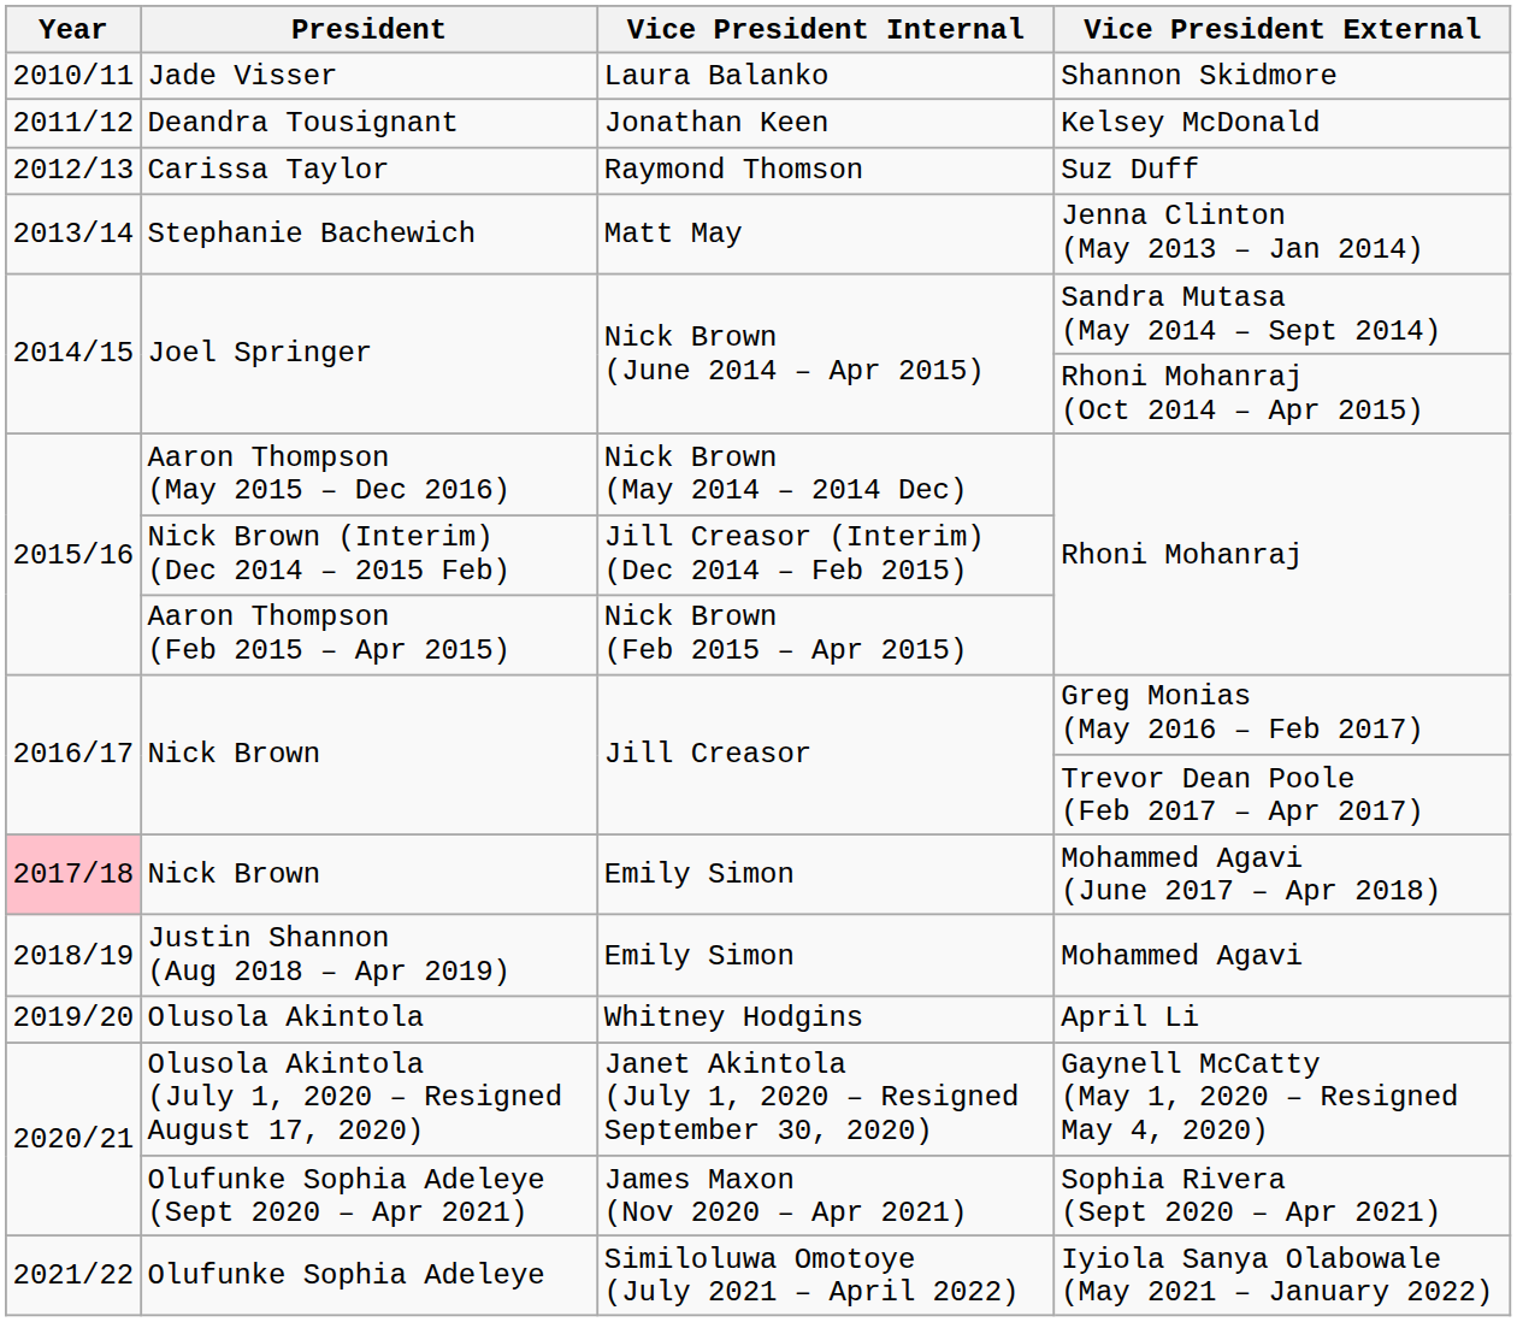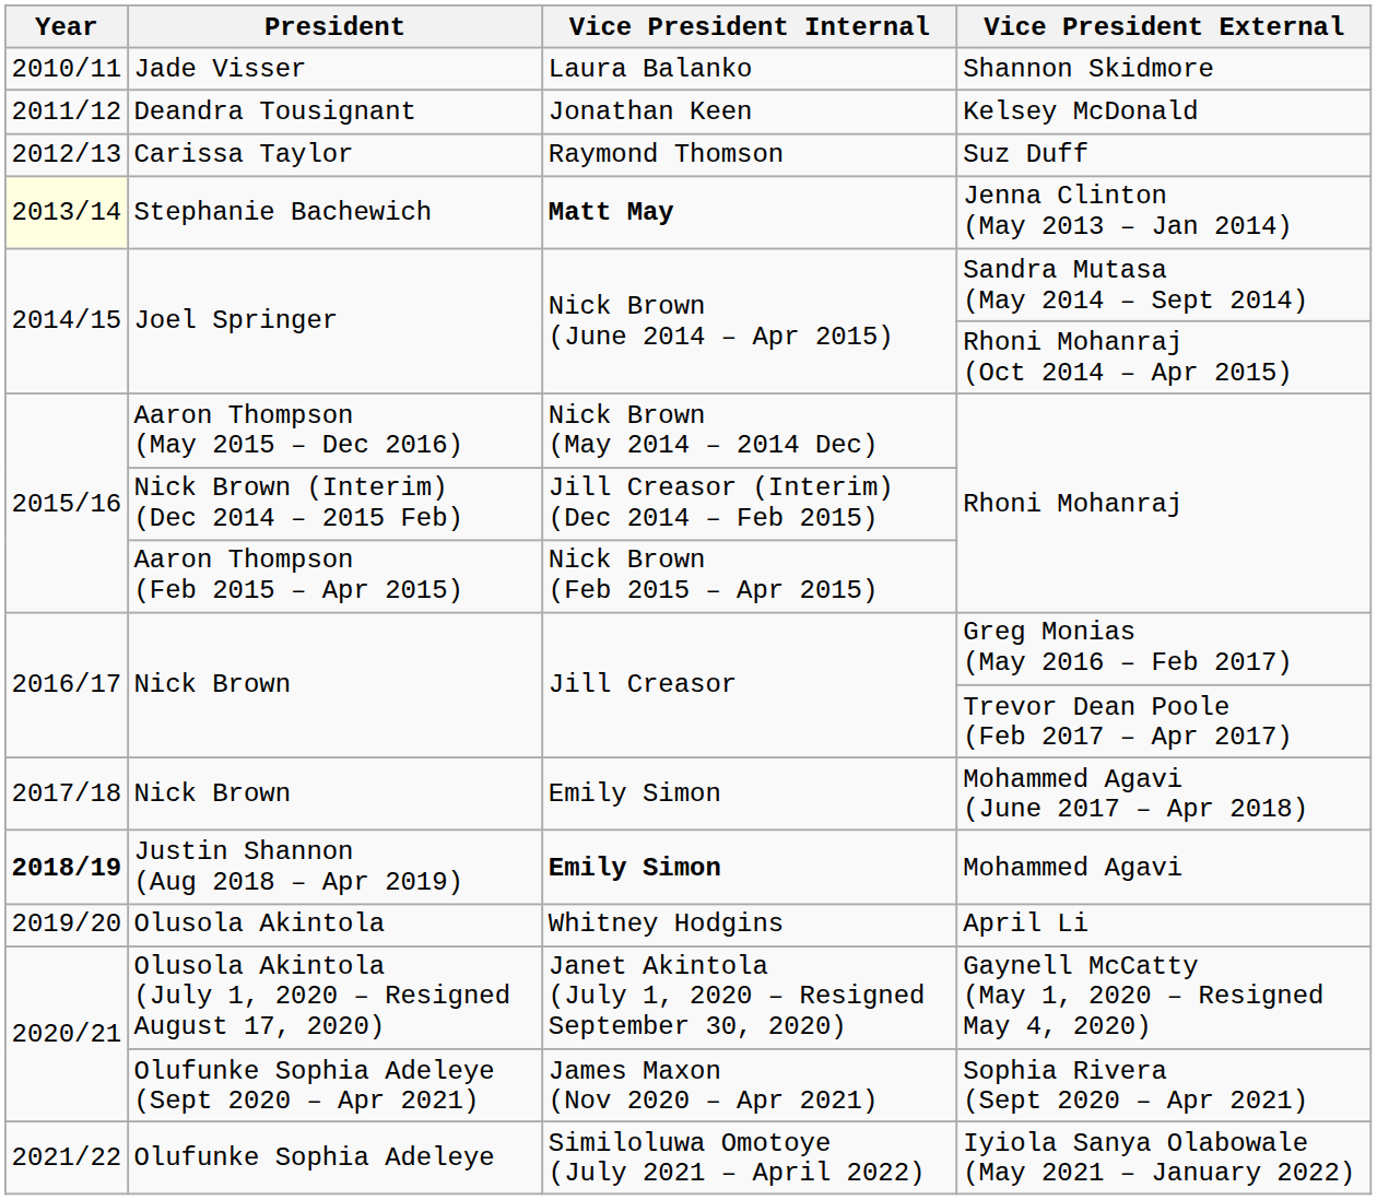 <table class="wikitable">
 <tr>
 <th>Year</th>
 <th>President</th>
 <th>Vice President Internal</th>
 <th>Vice President External</th>
 </tr>
 <tr>
 <td>2010/11</td>
 <td style="width: 200px;">Jade Visser</td>
 <td style="width: 200px;">Laura Balanko</td>
 <td style="width: 200px;">Shannon Skidmore</td>
 </tr>
 <tr>
 <td>2011/12</td>
 <td>Deandra Tousignant</td>
 <td>Jonathan Keen</td>
 <td>Kelsey McDonald</td>
 </tr>
 <tr>
 <td>2012/13</td>
 <td>Carissa Taylor</td>
 <td>Raymond Thomson</td>
 <td>Suz Duff</td>
 </tr>
 <tr>
-<td>2013/14</td>
+<td style="background: lightyellow;">2013/14</td>
 <td>Stephanie Bachewich</td>
-<td>Matt May</td>
+<td><strong>Matt May</strong></td>
 <td>Jenna Clinton<br>(May 2013 – Jan 2014)</td>
 </tr>
 <tr>
 <td rowspan="2">2014/15</td>
 <td rowspan="2">Joel Springer</td>
 <td rowspan="2">Nick Brown<br>(June 2014 – Apr 2015)</td>
 <td>Sandra Mutasa<br>(May 2014 – Sept 2014)</td>
 </tr>
 <tr>
 <td>Rhoni Mohanraj<br>(Oct 2014 – Apr 2015)</td>
 </tr>
 <tr>
 <td rowspan="3">2015/16</td>
 <td>Aaron Thompson<br>(May 2015 – Dec 2016)</td>
 <td>Nick Brown<br>(May 2014 – 2014 Dec)</td>
 <td rowspan="3">Rhoni Mohanraj</td>
 </tr>
 <tr>
 <td>Nick Brown (Interim)<br>(Dec 2014 – 2015 Feb)</td>
 <td>Jill Creasor (Interim)<br>(Dec 2014 – Feb 2015)</td>
 </tr>
 <tr>
 <td>Aaron Thompson<br>(Feb 2015 – Apr 2015)</td>
 <td>Nick Brown<br>(Feb 2015 – Apr 2015)</td>
 </tr>
 <tr>
 <td rowspan="2">2016/17</td>
 <td rowspan="2">Nick Brown</td>
 <td rowspan="2">Jill Creasor</td>
 <td>Greg Monias<br>(May 2016 – Feb 2017)</td>
 </tr>
 <tr>
 <td>Trevor Dean Poole<br>(Feb 2017 – Apr 2017)</td>
 </tr>
 <tr>
-<td style="background: pink;">2017/18</td>
+<td>2017/18</td>
 <td>Nick Brown</td>
 <td>Emily Simon</td>
 <td>Mohammed Agavi<br>(June 2017 – Apr 2018)</td>
 </tr>
 <tr>
-<td>2018/19</td>
+<td><strong>2018/19</strong></td>
 <td>Justin Shannon<br>(Aug 2018 – Apr 2019)</td>
-<td>Emily Simon</td>
+<td><strong>Emily Simon</strong></td>
 <td>Mohammed Agavi</td>
 </tr>
 <tr>
 <td>2019/20</td>
 <td>Olusola Akintola</td>
 <td>Whitney Hodgins</td>
 <td>April Li</td>
 </tr>
 <tr>
 <td rowspan="2">2020/21</td>
 <td>Olusola Akintola<br>(July 1, 2020 – Resigned August 17, 2020)</td>
 <td>Janet Akintola<br>(July 1, 2020 – Resigned September 30, 2020)</td>
 <td>Gaynell McCatty<br>(May 1, 2020 – Resigned May 4, 2020)</td>
 </tr>
 <tr>
 <td>Olufunke Sophia Adeleye<br>(Sept 2020 – Apr 2021)</td>
 <td>James Maxon<br>(Nov 2020 – Apr 2021)</td>
 <td>Sophia Rivera<br>(Sept 2020 – Apr 2021)</td>
 </tr>
 <tr>
 <td>2021/22</td>
 <td>Olufunke Sophia Adeleye</td>
 <td>Similoluwa Omotoye<br>(July 2021 – April 2022)</td>
 <td>Iyiola Sanya Olabowale<br>(May 2021 – January 2022)</td>
 </tr>
 </table>
